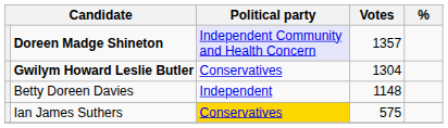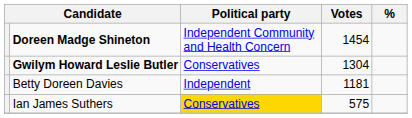 <table class="wikitable">
 <tr>
 <th valign=top colspan="2" style="width: 180px">Candidate</th>
 <th valign=top style="width: 180px">Political party</th>
 <th valign=top style="width: 60px">Votes</th>
 <th valign=top style="width: 40px">%</th>
 </tr>
 <tr>
 <th style="background-color: "></th>
 <td><strong>Doreen Madge Shineton</strong></td>
-<td style="background: lavender;"><a href='#'>Independent Community and Health Concern</a></td>
-<td align="right">1357</td>
+<td><a href='#'>Independent Community and Health Concern</a></td>
+<td align="right">1454</td>
 <td align="right"></td>
 </tr>
 <tr>
 <th style="background-color: "></th>
 <td><strong>Gwilym Howard Leslie Butler</strong></td>
 <td><a href='#'>Conservatives</a></td>
 <td align="right">1304</td>
 <td align="right"></td>
 </tr>
 <tr>
 <th style="background-color: "></th>
 <td>Betty Doreen Davies</td>
 <td><a href='#'>Independent</a></td>
-<td align="right">1148</td>
+<td align="right">1181</td>
 <td align="right"></td>
 </tr>
 <tr>
 <th style="background-color: "></th>
 <td>Ian James Suthers</td>
 <td style="background: gold;"><a href='#'>Conservatives</a></td>
 <td align="right">575</td>
 <td align="right"></td>
 </tr>
 <tr>
 </tr>
 </table>
